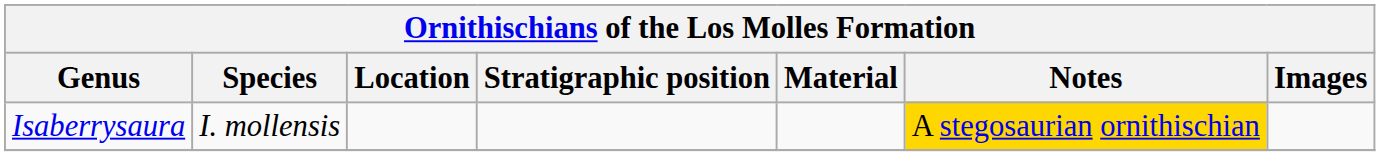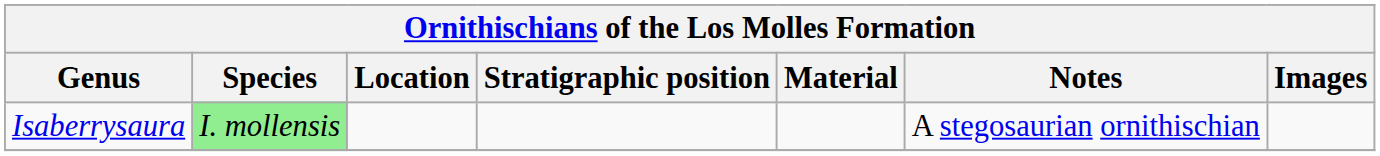 <table class="wikitable" align="center">
 <tr>
 <th colspan="7" align="center"><a href='#'>Ornithischians</a> of the Los Molles Formation</th>
 </tr>
 <tr>
 <th>Genus</th>
 <th>Species</th>
 <th>Location</th>
 <th>Stratigraphic position</th>
 <th>Material</th>
 <th>Notes</th>
 <th>Images</th>
 </tr>
 <tr>
 <td><em><a href='#'>Isaberrysaura</a></em></td>
-<td><em>I. mollensis</em></td>
+<td style="background: lightgreen;"><em>I. mollensis</em></td>
 <td></td>
 <td></td>
 <td></td>
-<td style="background: gold;">A <a href='#'>stegosaurian</a> <a href='#'>ornithischian</a></td>
+<td>A <a href='#'>stegosaurian</a> <a href='#'>ornithischian</a></td>
 <td></td>
 </tr>
 <tr>
 </tr>
 </table>
